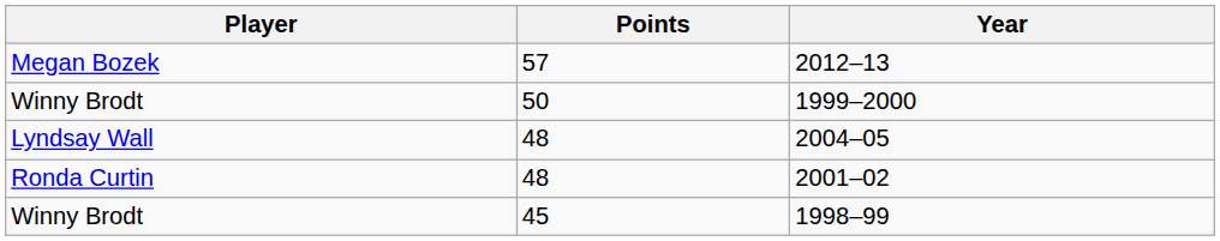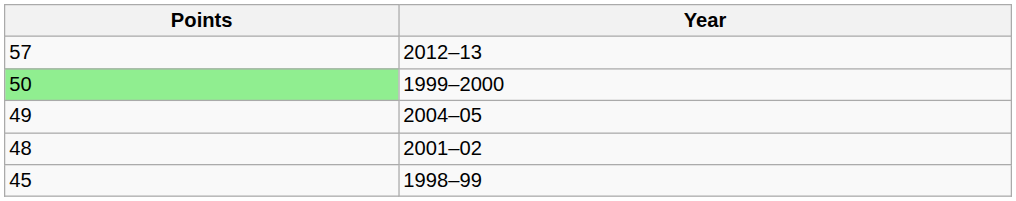 <table class="wikitable" style="width: 50em">
 <tr>
-<th>Player</th>
 <th>Points</th>
 <th>Year</th>
 </tr>
 <tr>
-<td><a href='#'>Megan Bozek</a></td>
 <td>57</td>
 <td>2012–13</td>
 </tr>
 <tr>
-<td>Winny Brodt</td>
-<td>50</td>
+<td style="background: lightgreen;">50</td>
 <td>1999–2000</td>
 </tr>
 <tr>
-<td><a href='#'>Lyndsay Wall</a></td>
-<td>48</td>
+<td>49</td>
 <td>2004–05</td>
 </tr>
 <tr>
-<td><a href='#'>Ronda Curtin</a></td>
 <td>48</td>
 <td>2001–02</td>
 </tr>
 <tr>
-<td>Winny Brodt</td>
 <td>45</td>
 <td>1998–99</td>
 </tr>
 </table>
